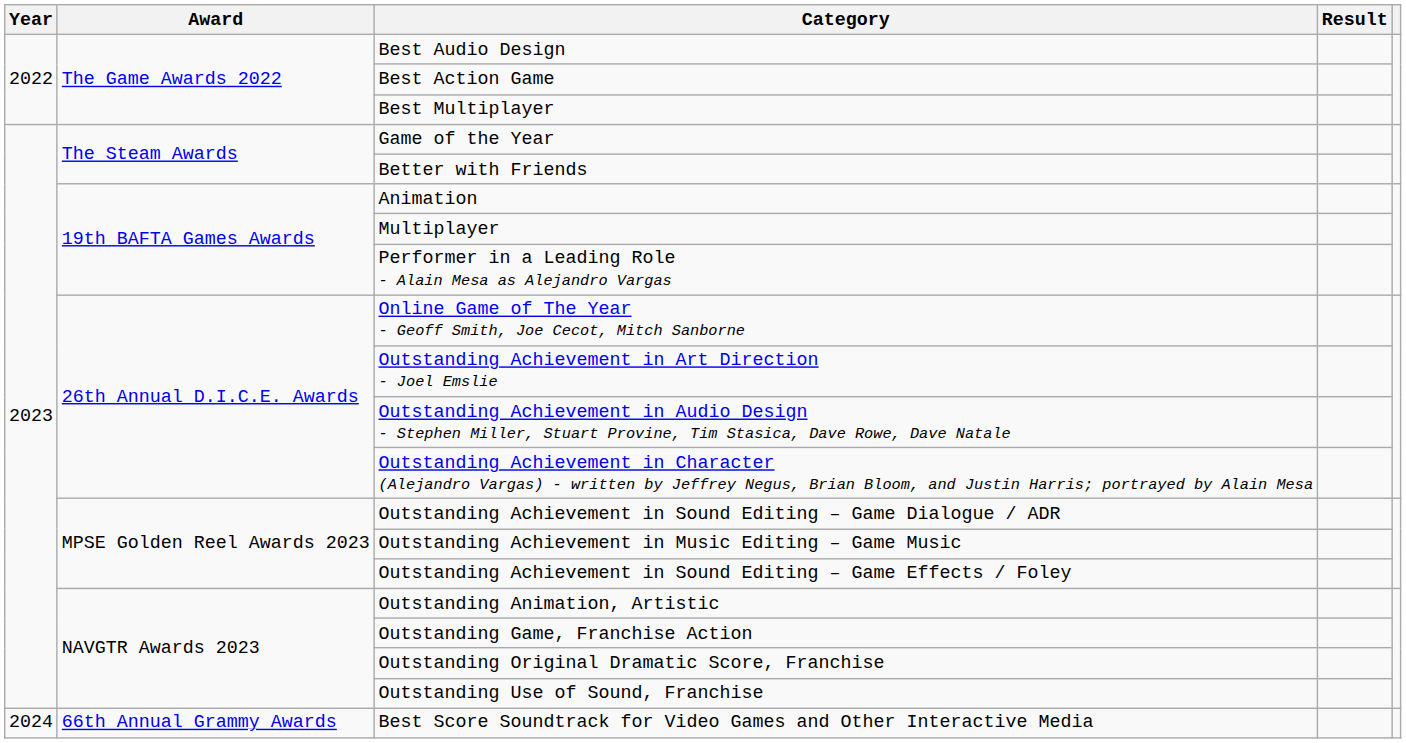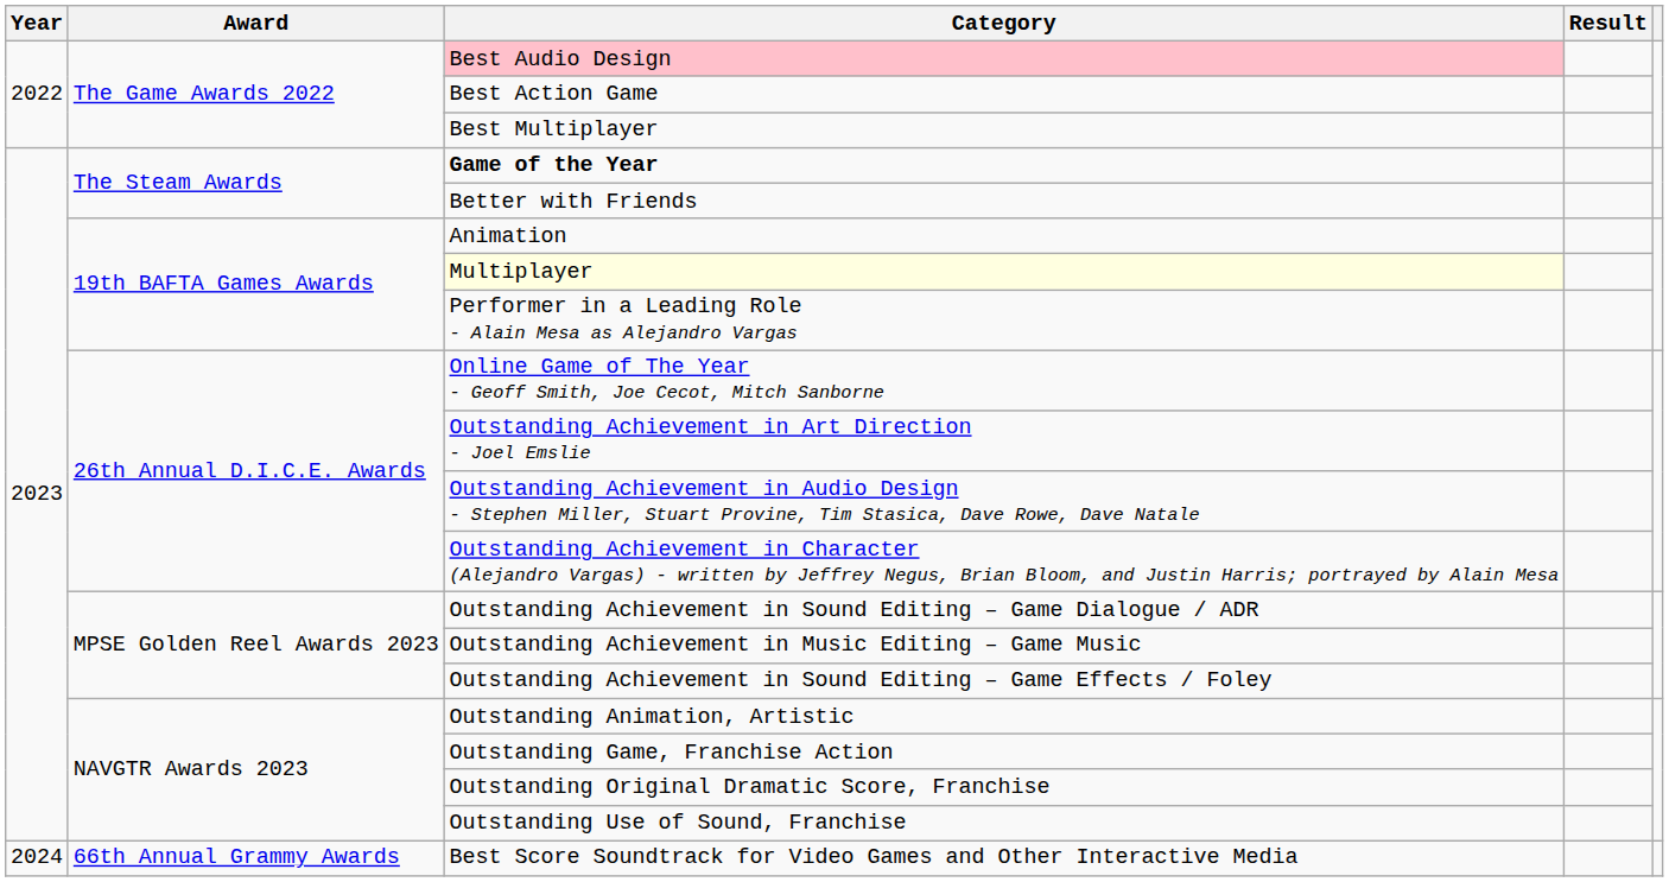 <table class="wikitable sortable">
 <tr>
 <th>Year</th>
 <th>Award</th>
 <th>Category</th>
 <th>Result</th>
 <th></th>
 </tr>
 <tr>
 <td rowspan="3">2022</td>
 <td rowspan="3"><a href='#'>The Game Awards 2022</a></td>
-<td>Best Audio Design</td>
+<td style="background: pink;">Best Audio Design</td>
 <td></td>
 <td rowspan="3" style="text-align:center;"><br><br></td>
 </tr>
 <tr>
 <td>Best Action Game</td>
 <td></td>
 </tr>
 <tr>
 <td>Best Multiplayer</td>
 <td></td>
 </tr>
 <tr>
 <td rowspan="16">2023</td>
 <td rowspan="2"><a href='#'>The Steam Awards</a></td>
-<td>Game of the Year</td>
+<td><strong>Game of the Year</strong></td>
 <td></td>
 <td rowspan="2" style="text-align:center;"></td>
 </tr>
 <tr>
 <td>Better with Friends</td>
 <td></td>
 </tr>
 <tr>
 <td rowspan="3"><a href='#'>19th BAFTA Games Awards</a></td>
 <td>Animation</td>
 <td></td>
 <td rowspan="3" style="text-align:center;"></td>
 </tr>
 <tr>
-<td>Multiplayer</td>
+<td style="background: lightyellow;">Multiplayer</td>
 <td></td>
 </tr>
 <tr>
 <td>Performer in a Leading Role<br><em><small>- Alain Mesa as Alejandro Vargas</small></em></td>
 <td></td>
 </tr>
 <tr>
 <td rowspan="4"><a href='#'>26th Annual D.I.C.E. Awards</a></td>
 <td><a href='#'>Online Game of The Year</a><br><em><small>- Geoff Smith, Joe Cecot, Mitch Sanborne</small></em></td>
 <td></td>
 <td rowspan="4" style="text-align:center;"></td>
 </tr>
 <tr>
 <td><a href='#'>Outstanding Achievement in Art Direction</a><br><small><em>- Joel Emslie</em></small></td>
 <td></td>
 </tr>
 <tr>
 <td><a href='#'>Outstanding Achievement in Audio Design</a><br><small><em>- Stephen Miller, Stuart Provine, Tim Stasica, Dave Rowe, Dave Natale</em></small></td>
 <td></td>
 </tr>
 <tr>
 <td><a href='#'>Outstanding Achievement in Character</a><br><small><em>(Alejandro Vargas) - written by Jeffrey Negus, Brian Bloom, and Justin Harris; portrayed by Alain Mesa</em></small></td>
 <td></td>
 </tr>
 <tr>
 <td rowspan="3">MPSE Golden Reel Awards 2023</td>
 <td>Outstanding Achievement in Sound Editing – Game Dialogue / ADR</td>
 <td></td>
 <td rowspan="3" style="text-align:center;"></td>
 </tr>
 <tr>
 <td>Outstanding Achievement in Music Editing – Game Music</td>
 <td></td>
 </tr>
 <tr>
 <td>Outstanding Achievement in Sound Editing – Game Effects / Foley</td>
 <td></td>
 </tr>
 <tr>
 <td rowspan="4">NAVGTR Awards 2023</td>
 <td>Outstanding Animation, Artistic</td>
 <td></td>
 <td rowspan="4" style="text-align:center;"></td>
 </tr>
 <tr>
 <td>Outstanding Game, Franchise Action</td>
 <td></td>
 </tr>
 <tr>
 <td>Outstanding Original Dramatic Score, Franchise</td>
 <td></td>
 </tr>
 <tr>
 <td>Outstanding Use of Sound, Franchise</td>
 <td></td>
 </tr>
 <tr>
 <td rowspan="1">2024</td>
 <td rowspan="1"><a href='#'>66th Annual Grammy Awards</a></td>
 <td>Best Score Soundtrack for Video Games and Other Interactive Media</td>
 <td></td>
 <td rowspan="1" style="text-align:center;"></td>
 </tr>
 </table>
